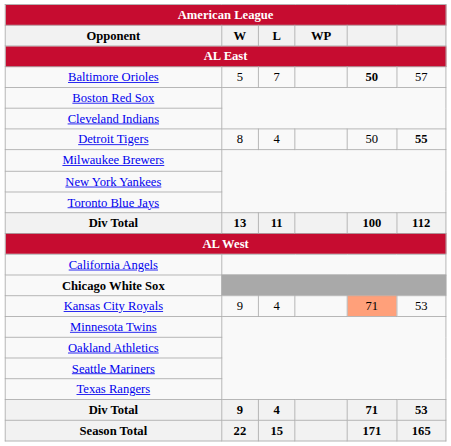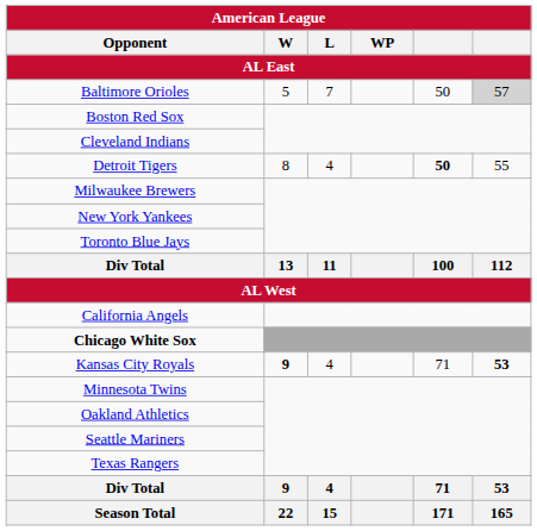 <table class="wikitable" style="margin:1em auto; font-size:95%; text-align:center; width:35em;">
 <tr>
 <th colspan="7" style="background:#c60c30; color:#ffffff;">American League</th>
 </tr>
 <tr>
 <th>Opponent</th>
 <th>W</th>
 <th>L</th>
 <th>WP</th>
 <th></th>
 <th></th>
 </tr>
 <tr>
 <th colspan="7" style="background:#c60c30; color:#ffffff;">AL East</th>
 </tr>
 <tr>
 <td><a href='#'>Baltimore Orioles</a></td>
 <td>5</td>
 <td>7</td>
 <td></td>
-<td><strong>50</strong></td>
-<td>57</td>
+<td>50</td>
+<td style="background: lightgrey;">57</td>
 </tr>
 <tr>
 <td><a href='#'>Boston Red Sox</a></td>
 </tr>
 <tr>
 <td><a href='#'>Cleveland Indians</a></td>
 </tr>
 <tr>
 <td><a href='#'>Detroit Tigers</a></td>
 <td>8</td>
 <td>4</td>
 <td></td>
-<td>50</td>
-<td><strong>55</strong></td>
+<td><strong>50</strong></td>
+<td>55</td>
 </tr>
 <tr>
 <td><a href='#'>Milwaukee Brewers</a></td>
 </tr>
 <tr>
 <td><a href='#'>New York Yankees</a></td>
 </tr>
 <tr>
 <td><a href='#'>Toronto Blue Jays</a></td>
 </tr>
 <tr>
 <th>Div Total</th>
 <th>13</th>
 <th>11</th>
 <th></th>
 <th>100</th>
 <th>112</th>
 </tr>
 <tr>
 <th colspan="7" style="background:#c60c30; color:#ffffff;">AL West</th>
 </tr>
 <tr>
 <td><a href='#'>California Angels</a></td>
 </tr>
 <tr>
 <td><strong>Chicago White Sox</strong></td>
 <td colspan=5 style="background:darkgray;"></td>
 </tr>
 <tr>
 <td><a href='#'>Kansas City Royals</a></td>
-<td>9</td>
+<td><strong>9</strong></td>
 <td>4</td>
 <td></td>
-<td style="background: lightsalmon;">71</td>
-<td>53</td>
+<td>71</td>
+<td><strong>53</strong></td>
 </tr>
 <tr>
 <td><a href='#'>Minnesota Twins</a></td>
 </tr>
 <tr>
 <td><a href='#'>Oakland Athletics</a></td>
 </tr>
 <tr>
 <td><a href='#'>Seattle Mariners</a></td>
 </tr>
 <tr>
 <td><a href='#'>Texas Rangers</a></td>
 </tr>
 <tr>
 <th>Div Total</th>
 <th>9</th>
 <th>4</th>
 <th></th>
 <th>71</th>
 <th>53</th>
 </tr>
 <tr>
 <th>Season Total</th>
 <th>22</th>
 <th>15</th>
 <th></th>
 <th>171</th>
 <th>165</th>
 </tr>
 </table>
